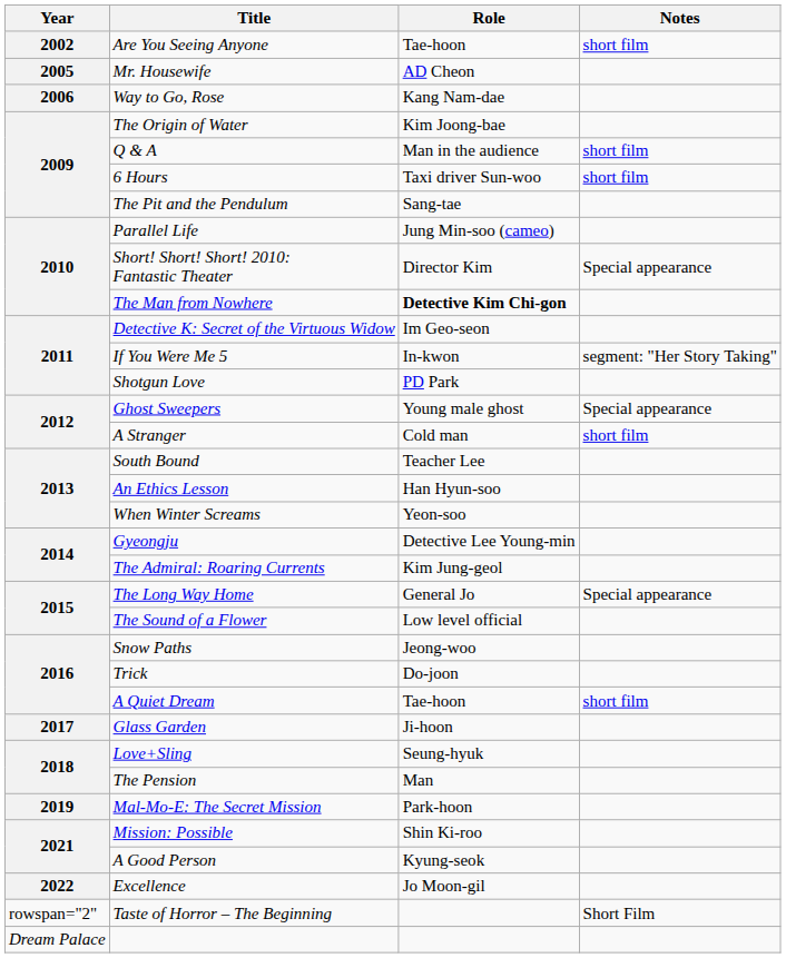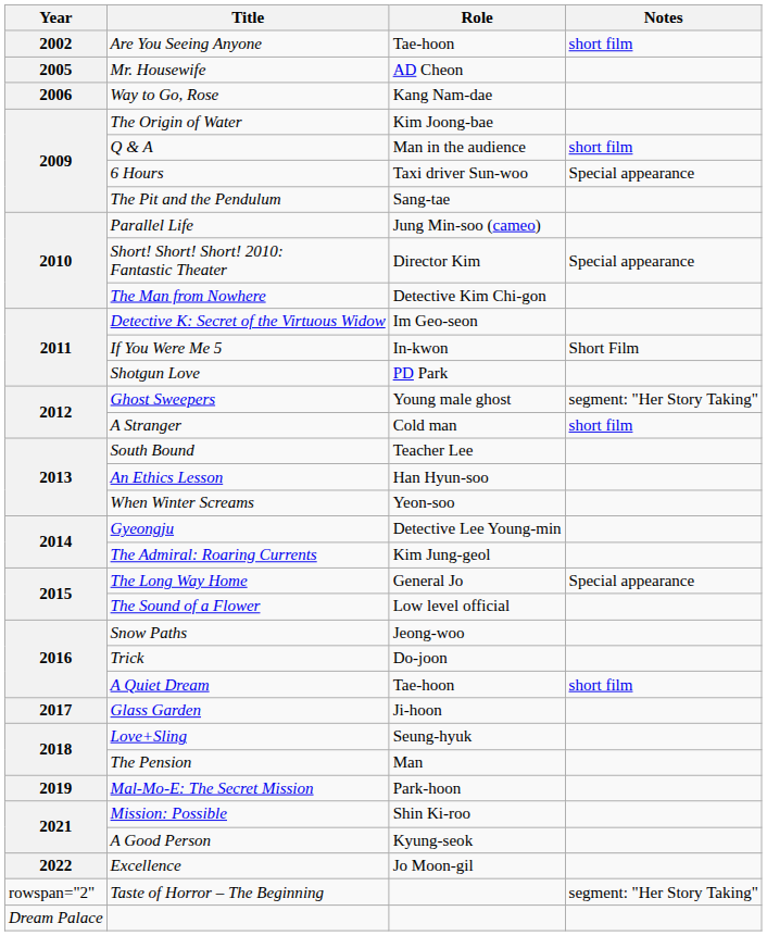 <table class="wikitable plainrowheaders sortable">
 <tr>
 <th scope="col">Year</th>
 <th scope="col">Title</th>
 <th scope="col">Role</th>
 <th scope="col">Notes</th>
 </tr>
 <tr>
 <th scope="row">2002</th>
 <td><em>Are You Seeing Anyone</em></td>
 <td>Tae-hoon</td>
 <td><a href='#'>short film</a></td>
 </tr>
 <tr>
 <th scope="row">2005</th>
 <td><em>Mr. Housewife</em></td>
 <td><a href='#'>AD</a> Cheon</td>
 <td></td>
 </tr>
 <tr>
 <th scope="row">2006</th>
 <td><em>Way to Go, Rose</em></td>
 <td>Kang Nam-dae</td>
 <td></td>
 </tr>
 <tr>
 <th scope="row" rowspan="4">2009</th>
 <td><em>The Origin of Water</em></td>
 <td>Kim Joong-bae</td>
 <td></td>
 </tr>
 <tr>
 <td><em>Q & A</em></td>
 <td>Man in the audience</td>
 <td><a href='#'>short film</a></td>
 </tr>
 <tr>
 <td><em>6 Hours</em></td>
 <td>Taxi driver Sun-woo</td>
-<td><a href='#'>short film</a></td>
+<td>Special appearance</td>
 </tr>
 <tr>
 <td><em>The Pit and the Pendulum</em></td>
 <td>Sang-tae</td>
 <td></td>
 </tr>
 <tr>
 <th scope="row" rowspan="3">2010</th>
 <td><em>Parallel Life</em></td>
 <td>Jung Min-soo (<a href='#'>cameo</a>)</td>
 <td></td>
 </tr>
 <tr>
 <td><em>Short! Short! Short! 2010: <br> Fantastic Theater</em></td>
 <td>Director Kim</td>
 <td>Special appearance</td>
 </tr>
 <tr>
 <td><em><a href='#'>The Man from Nowhere</a></em></td>
-<td><strong>Detective Kim Chi-gon</strong></td>
+<td>Detective Kim Chi-gon</td>
 <td></td>
 </tr>
 <tr>
 <th scope="row" rowspan="3">2011</th>
 <td><em><a href='#'>Detective K: Secret of the Virtuous Widow</a></em></td>
 <td>Im Geo-seon</td>
 <td></td>
 </tr>
 <tr>
 <td><em>If You Were Me 5</em></td>
 <td>In-kwon</td>
-<td>segment: "Her Story Taking"</td>
+<td>Short Film</td>
 </tr>
 <tr>
 <td><em>Shotgun Love</em></td>
 <td><a href='#'>PD</a> Park</td>
 <td></td>
 </tr>
 <tr>
 <th scope="row" rowspan="2">2012</th>
 <td><em><a href='#'>Ghost Sweepers</a></em></td>
 <td>Young male ghost</td>
-<td>Special appearance</td>
+<td>segment: "Her Story Taking"</td>
 </tr>
 <tr>
 <td><em>A Stranger</em> </td>
 <td>Cold man</td>
 <td><a href='#'>short film</a></td>
 </tr>
 <tr>
 <th scope="row" rowspan="3">2013</th>
 <td><em>South Bound</em></td>
 <td>Teacher Lee </td>
 <td></td>
 </tr>
 <tr>
 <td><em><a href='#'>An Ethics Lesson</a></em></td>
 <td>Han Hyun-soo</td>
 <td></td>
 </tr>
 <tr>
 <td><em>When Winter Screams</em></td>
 <td>Yeon-soo</td>
 <td></td>
 </tr>
 <tr>
 <th scope="row" rowspan="2">2014</th>
 <td><em><a href='#'>Gyeongju</a></em></td>
 <td>Detective Lee Young-min</td>
 <td></td>
 </tr>
 <tr>
 <td><em><a href='#'>The Admiral: Roaring Currents</a></em></td>
 <td>Kim Jung-geol</td>
 <td></td>
 </tr>
 <tr>
 <th scope="row" rowspan="2">2015</th>
 <td><em><a href='#'>The Long Way Home</a></em></td>
 <td>General Jo</td>
 <td>Special appearance</td>
 </tr>
 <tr>
 <td><em><a href='#'>The Sound of a Flower</a></em></td>
 <td>Low level official</td>
 <td></td>
 </tr>
 <tr>
 <th scope="row" rowspan="3">2016</th>
 <td><em>Snow Paths</em></td>
 <td>Jeong-woo</td>
 <td></td>
 </tr>
 <tr>
 <td><em>Trick</em></td>
 <td>Do-joon</td>
 <td></td>
 </tr>
 <tr>
 <td><em><a href='#'>A Quiet Dream</a></em></td>
 <td>Tae-hoon</td>
 <td><a href='#'>short film</a></td>
 </tr>
 <tr>
 <th scope="row">2017</th>
 <td><em><a href='#'>Glass Garden</a></em></td>
 <td>Ji-hoon</td>
 <td></td>
 </tr>
 <tr>
 <th scope="row" rowspan="2">2018</th>
 <td><em><a href='#'>Love+Sling</a></em></td>
 <td>Seung-hyuk</td>
 <td></td>
 </tr>
 <tr>
 <td><em>The Pension</em></td>
 <td>Man</td>
 <td></td>
 </tr>
 <tr>
 <th scope="row">2019</th>
 <td><em><a href='#'>Mal-Mo-E: The Secret Mission</a></em></td>
 <td>Park-hoon</td>
 <td></td>
 </tr>
 <tr>
 <th scope="row" rowspan="2">2021</th>
 <td><em><a href='#'>Mission: Possible</a></em></td>
 <td>Shin Ki-roo</td>
 <td></td>
 </tr>
 <tr>
 <td><em>A Good Person</em></td>
 <td>Kyung-seok</td>
 <td></td>
 </tr>
 <tr>
 <th scope="row">2022</th>
 <td><em>Excellence</em></td>
 <td>Jo Moon-gil</td>
 <td></td>
 </tr>
 <tr>
 <td>rowspan="2" </td>
 <td><em>Taste of Horror – The Beginning </em></td>
 <td></td>
-<td>Short Film</td>
+<td>segment: "Her Story Taking"</td>
 </tr>
 <tr>
 <td><em>Dream Palace</em></td>
 <td></td>
 <td></td>
 </tr>
 </table>
